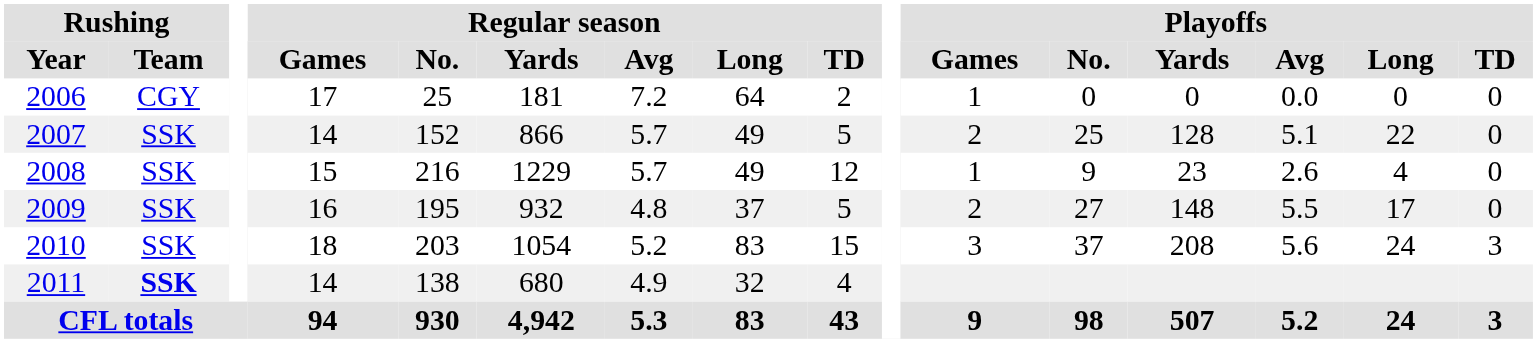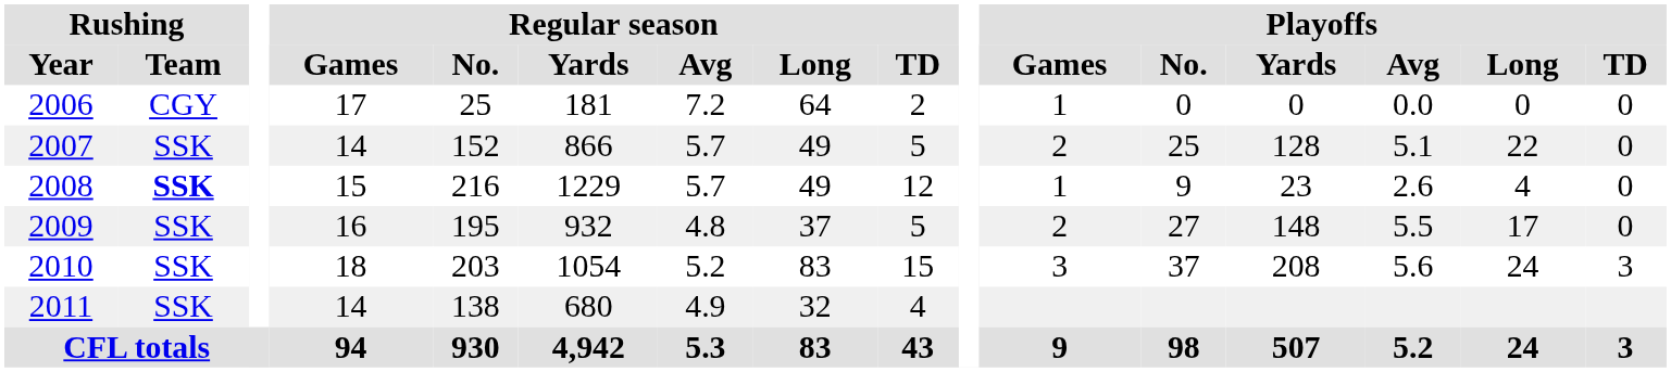 <table BORDER="0" CELLPADDING="1" CELLSPACING="0" width="65%" style="text-align:center">
 <tr bgcolor="#e0e0e0">
 <th colspan="2">Rushing</th>
 <th rowspan="99" bgcolor="#ffffff"> </th>
 <th colspan="6">Regular season</th>
 <th rowspan="99" bgcolor="#ffffff"> </th>
 <th colspan="6">Playoffs</th>
 </tr>
 <tr bgcolor="#e0e0e0">
 <th>Year</th>
 <th>Team</th>
 <th>Games</th>
 <th>No.</th>
 <th>Yards</th>
 <th>Avg</th>
 <th>Long</th>
 <th>TD</th>
 <th>Games</th>
 <th>No.</th>
 <th>Yards</th>
 <th>Avg</th>
 <th>Long</th>
 <th>TD</th>
 </tr>
 <tr ALIGN="center">
 <td><a href='#'>2006</a></td>
 <td><a href='#'>CGY</a></td>
 <td>17</td>
 <td>25</td>
 <td>181</td>
 <td>7.2</td>
 <td>64</td>
 <td>2</td>
 <td>1</td>
 <td>0</td>
 <td>0</td>
 <td>0.0</td>
 <td>0</td>
 <td>0</td>
 </tr>
 <tr ALIGN="center" bgcolor="#f0f0f0">
 <td><a href='#'>2007</a></td>
 <td><a href='#'>SSK</a></td>
 <td>14</td>
 <td>152</td>
 <td>866</td>
 <td>5.7</td>
 <td>49</td>
 <td>5</td>
 <td>2</td>
 <td>25</td>
 <td>128</td>
 <td>5.1</td>
 <td>22</td>
 <td>0</td>
 </tr>
 <tr ALIGN="center">
 <td><a href='#'>2008</a></td>
-<td><a href='#'>SSK</a></td>
+<td><strong><a href='#'>SSK</a></strong></td>
 <td>15</td>
 <td>216</td>
 <td>1229</td>
 <td>5.7</td>
 <td>49</td>
 <td>12</td>
 <td>1</td>
 <td>9</td>
 <td>23</td>
 <td>2.6</td>
 <td>4</td>
 <td>0</td>
 </tr>
 <tr ALIGN="center" bgcolor="#f0f0f0">
 <td><a href='#'>2009</a></td>
 <td><a href='#'>SSK</a></td>
 <td>16</td>
 <td>195</td>
 <td>932</td>
 <td>4.8</td>
 <td>37</td>
 <td>5</td>
 <td>2</td>
 <td>27</td>
 <td>148</td>
 <td>5.5</td>
 <td>17</td>
 <td>0</td>
 </tr>
 <tr ALIGN="center">
 <td><a href='#'>2010</a></td>
 <td><a href='#'>SSK</a></td>
 <td>18</td>
 <td>203</td>
 <td>1054</td>
 <td>5.2</td>
 <td>83</td>
 <td>15</td>
 <td>3</td>
 <td>37</td>
 <td>208</td>
 <td>5.6</td>
 <td>24</td>
 <td>3</td>
 </tr>
 <tr ALIGN="center" bgcolor="#f0f0f0">
 <td><a href='#'>2011</a></td>
-<td><strong><a href='#'>SSK</a></strong></td>
+<td><a href='#'>SSK</a></td>
 <td>14</td>
 <td>138</td>
 <td>680</td>
 <td>4.9</td>
 <td>32</td>
 <td>4</td>
 <td></td>
 <td></td>
 <td></td>
 <td></td>
 <td></td>
 <td></td>
 </tr>
 <tr bgcolor="#e0e0e0">
 <th colspan="3"><a href='#'>CFL totals</a></th>
 <th>94</th>
 <th>930</th>
 <th>4,942</th>
 <th>5.3</th>
 <th>83</th>
 <th>43</th>
 <th>9</th>
 <th>98</th>
 <th>507</th>
 <th>5.2</th>
 <th>24</th>
 <th>3</th>
 </tr>
 </table>
